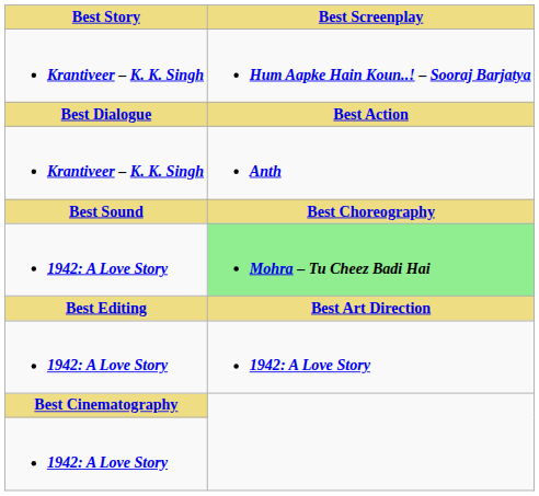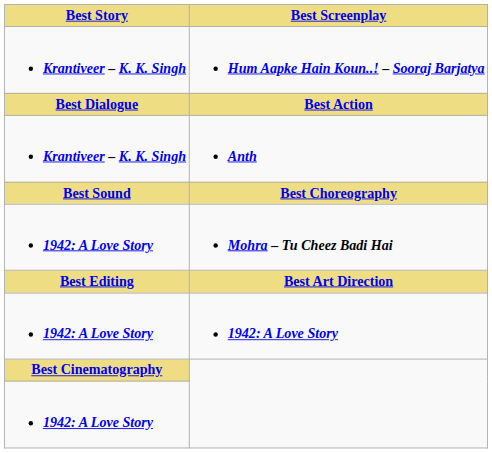 <table class="wikitable">
 <tr>
 <th ! style="background:#EEDD82;text-align:center;"><a href='#'>Best Story</a></th>
 <th ! style="background:#eedd82; text-align:center;"><a href='#'>Best Screenplay</a></th>
 </tr>
 <tr>
 <td valign="top"><br><ul><li><strong> <em><a href='#'>Krantiveer</a> – <a href='#'>K. K. Singh</a></em> </strong></li></ul></td>
 <td valign="top"><br><ul><li><strong> <em><a href='#'>Hum Aapke Hain Koun..!</a> – <a href='#'>Sooraj Barjatya</a></em> </strong></li></ul></td>
 </tr>
 <tr>
 <th ! style="background:#EEDD82;text-align:center;"><a href='#'>Best Dialogue</a></th>
 <th ! style="background:#eedd82; text-align:center;"><a href='#'>Best Action</a></th>
 </tr>
 <tr>
 <td valign="top"><br><ul><li><strong> <em><a href='#'>Krantiveer</a> – <a href='#'>K. K. Singh</a></em> </strong></li></ul></td>
 <td valign="top"><br><ul><li><strong> <em><a href='#'>Anth</a></em> </strong></li></ul></td>
 </tr>
 <tr>
 <th ! style="background:#EEDD82;text-align:center;"><a href='#'>Best Sound</a></th>
 <th ! style="background:#eedd82; text-align:center;"><a href='#'>Best Choreography</a></th>
 </tr>
 <tr>
 <td valign="top"><br><ul><li><strong> <em><a href='#'>1942: A Love Story</a></em> </strong></li></ul></td>
-<td valign="top" style="background: lightgreen;"><br><ul><li><strong> <em><a href='#'>Mohra</a> – Tu Cheez Badi Hai</em> </strong></li></ul></td>
+<td valign="top"><br><ul><li><strong> <em><a href='#'>Mohra</a> – Tu Cheez Badi Hai</em> </strong></li></ul></td>
 </tr>
 <tr>
 <th ! style="background:#EEDD82;text-align:center;"><a href='#'>Best Editing</a></th>
 <th ! style="background:#eedd82; text-align:center;"><a href='#'>Best Art Direction</a></th>
 </tr>
 <tr>
 <td valign="top"><br><ul><li><strong> <em><a href='#'>1942: A Love Story</a></em> </strong></li></ul></td>
 <td valign="top"><br><ul><li><strong> <em><a href='#'>1942: A Love Story</a></em> </strong></li></ul></td>
 </tr>
 <tr>
 <th ! style="background:#eedd82; text-align:center;"><a href='#'>Best Cinematography</a></th>
 </tr>
 <tr>
 <td valign="top"><br><ul><li><strong> <em><a href='#'>1942: A Love Story</a></em> </strong></li></ul></td>
 </tr>
 </table>
